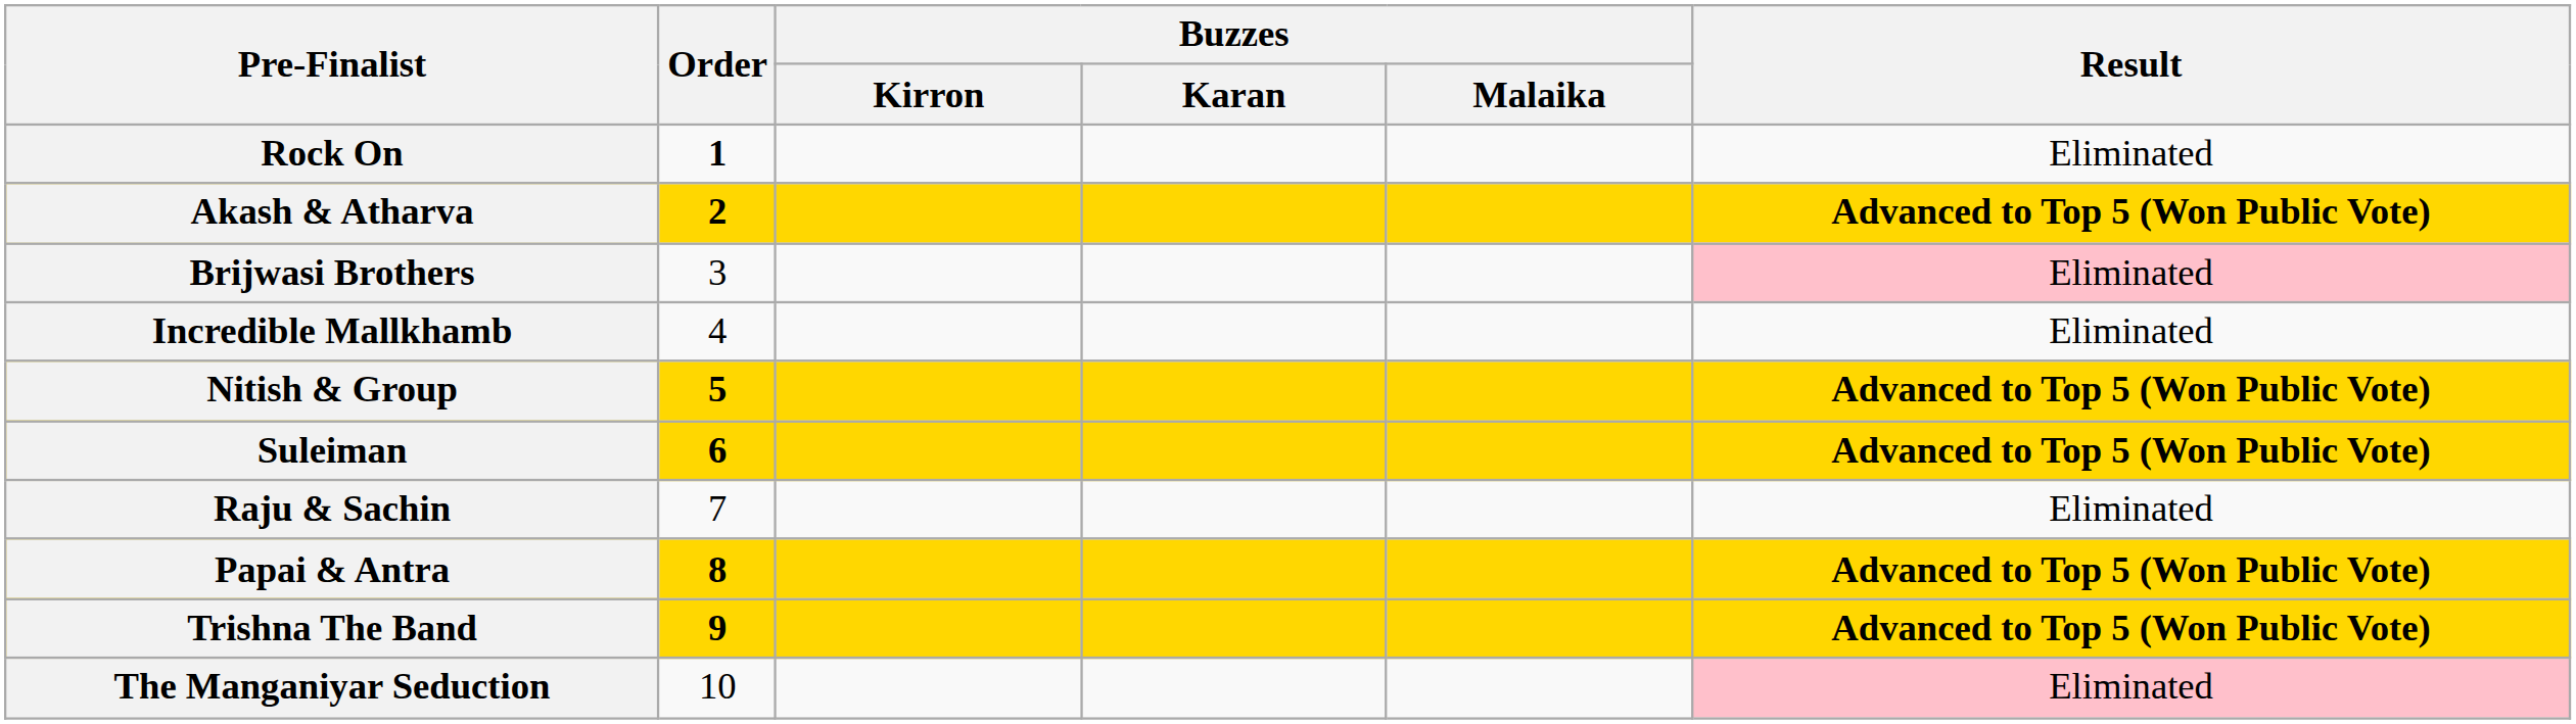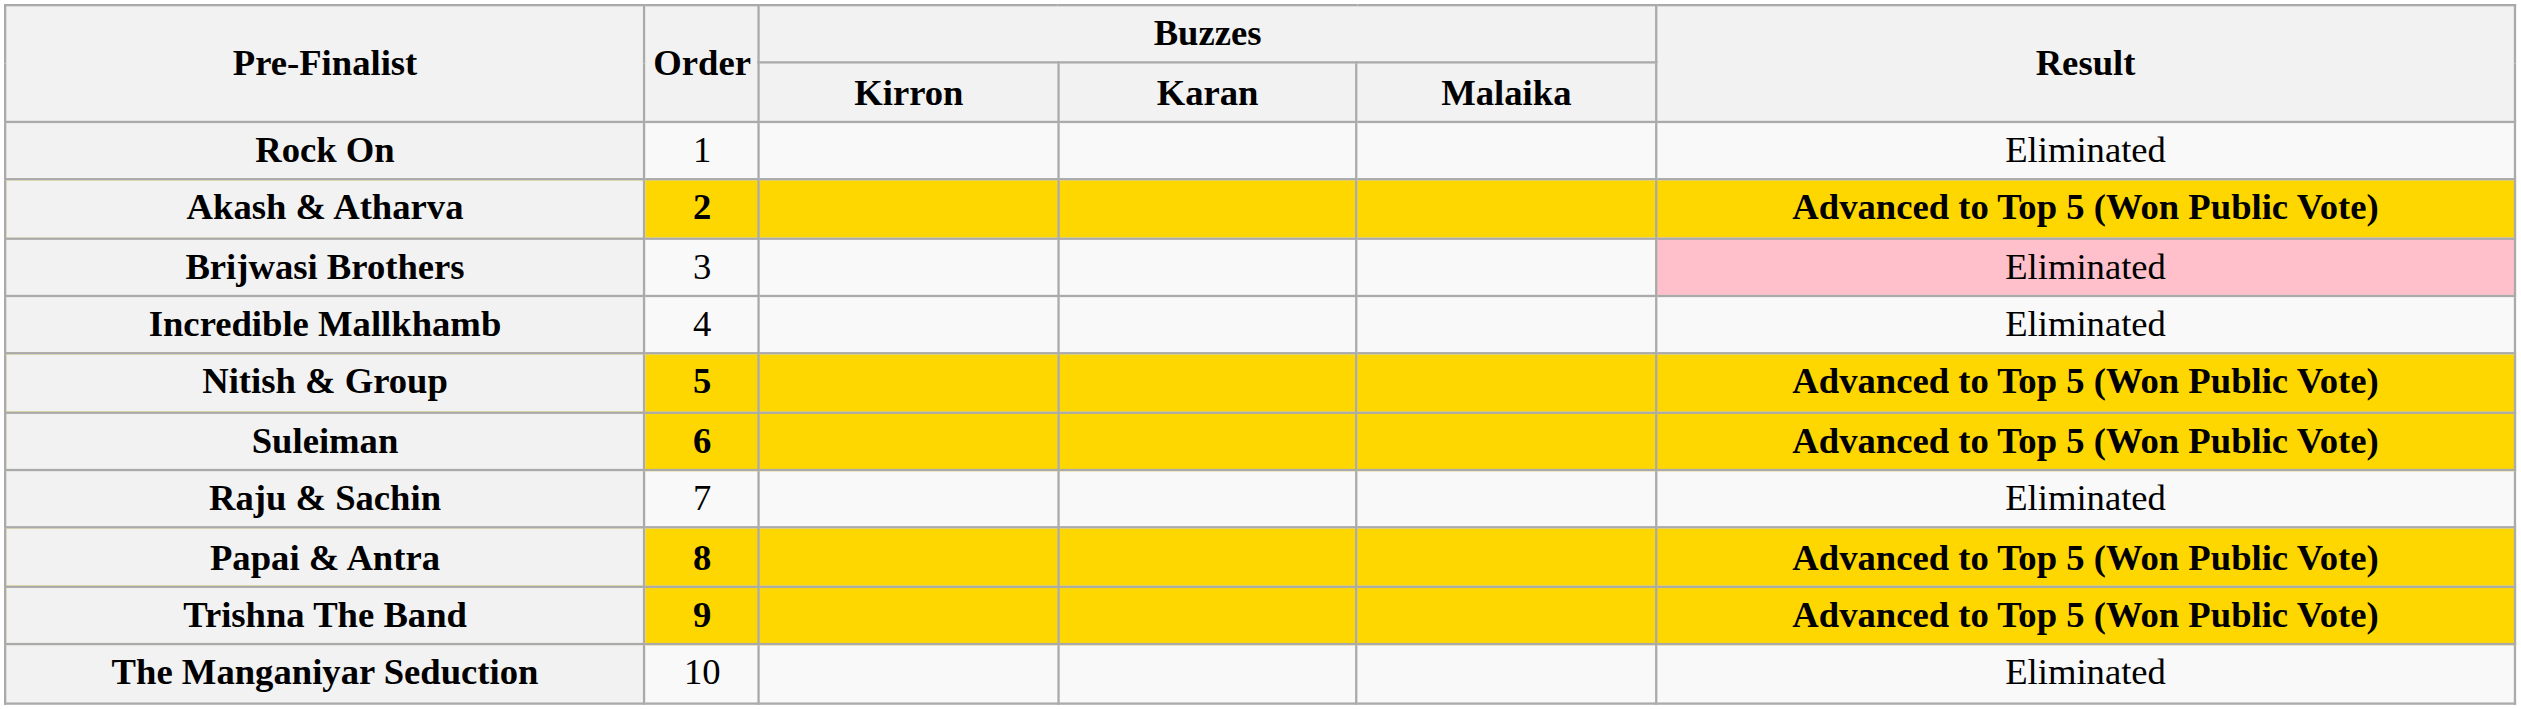 <table class="wikitable plainrowheaders sortable" style="text-align:center;">
 <tr>
 <th rowspan="2" scope="col" class="unsortable" style="width:17em;">Pre-Finalist</th>
 <th rowspan="2" scope="col" style="width:1em;">Order</th>
 <th colspan="3" scope="col" class="unsortable" style="width:24em;">Buzzes</th>
 <th rowspan="2" scope="col" style="width:23em;">Result</th>
 </tr>
 <tr>
 <th scope="col" class="unsortable" style="width:6em;">Kirron</th>
 <th scope="col" class="unsortable" style="width:6em;">Karan</th>
 <th scope="col" class="unsortable" style="width:6em;">Malaika</th>
 </tr>
 <tr>
 <th scope="row">Rock On</th>
-<td><strong>1</strong></td>
+<td>1</td>
 <td style="text-align:center;"></td>
 <td></td>
 <td></td>
 <td>Eliminated</td>
 </tr>
 <tr style="background:gold;">
 <th scope="row"><strong>Akash & Atharva</strong></th>
 <td><strong>2</strong></td>
 <td style="text-align:center;"></td>
 <td style="text-align:center;"></td>
 <td style="text-align:center;"></td>
 <td><strong>Advanced to Top 5 (Won Public Vote)</strong></td>
 </tr>
 <tr>
 <th scope="row">Brijwasi Brothers</th>
 <td>3</td>
 <td style="text-align:center;"></td>
 <td></td>
 <td></td>
 <td style="background: pink;">Eliminated</td>
 </tr>
 <tr>
 <th scope="row">Incredible Mallkhamb</th>
 <td>4</td>
 <td style="text-align:center;"></td>
 <td></td>
 <td></td>
 <td>Eliminated</td>
 </tr>
 <tr style="background:gold;">
 <th scope="row"><strong>Nitish & Group</strong></th>
 <td><strong>5</strong></td>
 <td style="text-align:center;"></td>
 <td></td>
 <td></td>
 <td><strong>Advanced to Top 5 (Won Public Vote)</strong></td>
 </tr>
 <tr style="background:gold;">
 <th scope="row"><strong>Suleiman</strong></th>
 <td><strong>6</strong></td>
 <td style="text-align:center;"></td>
 <td style="text-align:center;"></td>
 <td style="text-align:center;"></td>
 <td><strong>Advanced to Top 5 (Won Public Vote)</strong></td>
 </tr>
 <tr>
 <th scope="row">Raju & Sachin</th>
 <td>7</td>
 <td style="text-align:center;"></td>
 <td style="text-align:center;"></td>
 <td style="text-align:center;"></td>
 <td>Eliminated</td>
 </tr>
 <tr style="background:gold;">
 <th><strong>Papai & Antra</strong></th>
 <td><strong>8</strong></td>
 <td></td>
 <td></td>
 <td></td>
 <td><strong>Advanced to Top 5 (Won Public Vote)</strong></td>
 </tr>
 <tr style="background:gold;">
 <th><strong>Trishna The Band</strong></th>
 <td><strong>9</strong></td>
 <td></td>
 <td></td>
 <td></td>
 <td><strong>Advanced to Top 5 (Won Public Vote)</strong></td>
 </tr>
 <tr>
 <th><strong>The Manganiyar Seduction</strong></th>
 <td>10</td>
 <td></td>
 <td></td>
 <td></td>
-<td style="background: pink;">Eliminated</td>
+<td>Eliminated</td>
 </tr>
 </table>
